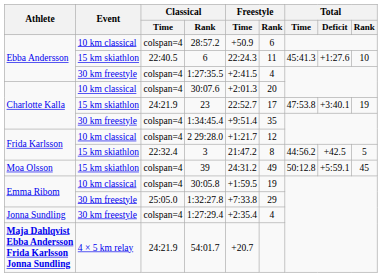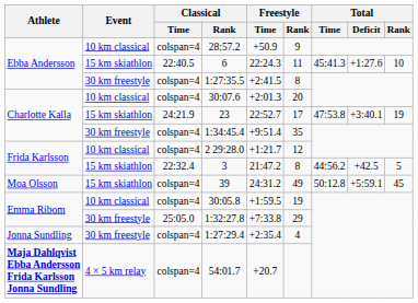 <table class="wikitable" style="font-size:90%">
 <tr>
 <th rowspan=2>Athlete</th>
 <th rowspan=2>Event</th>
 <th colspan=2>Classical</th>
 <th colspan=2>Freestyle</th>
 <th colspan=3>Total</th>
 </tr>
 <tr style="font-size:95%">
 <th>Time</th>
 <th>Rank</th>
 <th>Time</th>
 <th>Rank</th>
 <th>Time</th>
 <th>Deficit</th>
 <th>Rank</th>
 </tr>
 <tr align=center>
 <td align=left rowspan=3><a href='#'>Ebba Andersson</a></td>
 <td align=left><a href='#'>10 km classical</a></td>
 <td>colspan=4 </td>
 <td>28:57.2</td>
 <td>+50.9</td>
-<td>6</td>
+<td>9</td>
 </tr>
 <tr align=center>
 <td align=left><a href='#'>15 km skiathlon</a></td>
 <td>22:40.5</td>
 <td>6</td>
 <td>22:24.3</td>
 <td>11</td>
 <td>45:41.3</td>
 <td>+1:27.6</td>
 <td>10</td>
 </tr>
 <tr align=center>
 <td align=left><a href='#'>30 km freestyle</a></td>
 <td>colspan=4 </td>
 <td>1:27:35.5</td>
 <td>+2:41.5</td>
-<td>4</td>
+<td>8</td>
 </tr>
 <tr align=center>
 <td align=left rowspan=3><a href='#'>Charlotte Kalla</a></td>
 <td align=left><a href='#'>10 km classical</a></td>
 <td>colspan=4 </td>
 <td>30:07.6</td>
 <td>+2:01.3</td>
 <td>20</td>
 </tr>
 <tr align=center>
 <td align=left><a href='#'>15 km skiathlon</a></td>
 <td>24:21.9</td>
 <td>23</td>
 <td>22:52.7</td>
 <td>17</td>
 <td>47:53.8</td>
 <td>+3:40.1</td>
 <td>19</td>
 </tr>
 <tr align=center>
 <td align=left><a href='#'>30 km freestyle</a></td>
 <td>colspan=4 </td>
 <td>1:34:45.4</td>
 <td>+9:51.4</td>
 <td>35</td>
 </tr>
 <tr align=center>
 <td align=left rowspan=2><a href='#'>Frida Karlsson</a></td>
 <td align=left><a href='#'>10 km classical</a></td>
 <td>colspan=4 </td>
 <td>2 29:28.0</td>
 <td>+1:21.7</td>
 <td>12</td>
 </tr>
 <tr align=center>
 <td align=left><a href='#'>15 km skiathlon</a></td>
 <td>22:32.4</td>
 <td>3</td>
 <td>21:47.2</td>
 <td>8</td>
 <td>44:56.2</td>
 <td>+42.5</td>
 <td>5</td>
 </tr>
 <tr align=center>
 <td align=left><a href='#'>Moa Olsson</a></td>
 <td align=left><a href='#'>15 km skiathlon</a></td>
 <td>colspan=4 </td>
 <td>39</td>
 <td>24:31.2</td>
 <td>49</td>
 <td>50:12.8</td>
 <td>+5:59.1</td>
 <td>45</td>
 </tr>
 <tr align=center>
 <td align=left rowspan=2><a href='#'>Emma Ribom</a></td>
 <td align=left><a href='#'>10 km classical</a></td>
 <td>colspan=4 </td>
 <td>30:05.8</td>
 <td>+1:59.5</td>
 <td>19</td>
 </tr>
 <tr align=center>
 <td align=left><a href='#'>30 km freestyle</a></td>
 <td>25:05.0</td>
 <td>1:32:27.8</td>
 <td>+7:33.8</td>
 <td>29</td>
 </tr>
 <tr align=center>
 <td align=left><a href='#'>Jonna Sundling</a></td>
 <td align=left><a href='#'>30 km freestyle</a></td>
 <td>colspan=4 </td>
 <td>1:27:29.4</td>
 <td>+2:35.4</td>
 <td>4</td>
 </tr>
 <tr align=center>
 <td align=left><strong><a href='#'>Maja Dahlqvist</a><br><a href='#'>Ebba Andersson</a><br><a href='#'>Frida Karlsson</a><br><a href='#'>Jonna Sundling</a></strong></td>
 <td align=left><a href='#'>4 × 5 km relay</a></td>
-<td>24:21.9</td>
+<td>colspan=4 </td>
 <td>54:01.7</td>
 <td>+20.7</td>
 <td></td>
 </tr>
 </table>
